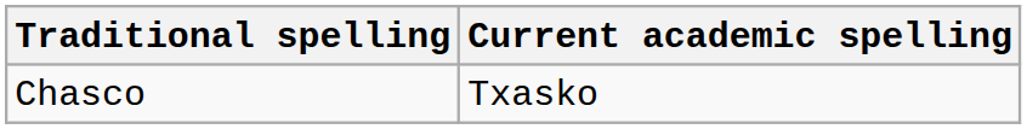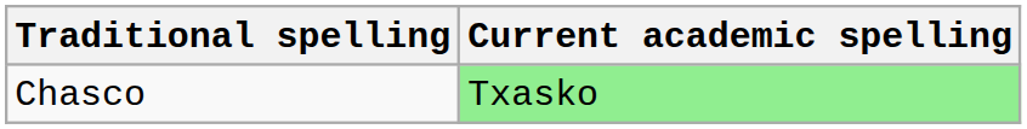 <table class="wikitable">
 <tr>
 <th>Traditional spelling</th>
 <th>Current academic spelling</th>
 </tr>
 <tr>
 <td>Chasco</td>
-<td>Txasko</td>
+<td style="background: lightgreen;">Txasko</td>
 </tr>
 </table>
